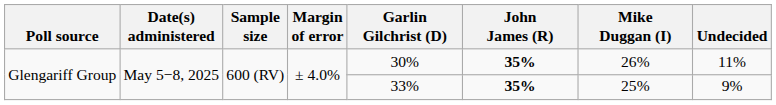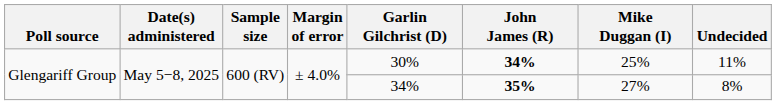 <table class="wikitable" style="font-size:90%;text-align:center;">
 <tr valign=bottom>
 <th>Poll source</th>
 <th>Date(s)<br>administered</th>
 <th>Sample<br>size</th>
 <th>Margin<br>of error</th>
 <th style="width:100px;">Garlin<br>Gilchrist (D)</th>
 <th style="width:100px;">John<br>James (R)</th>
 <th style="width:100px;">Mike<br>Duggan (I)</th>
 <th>Undecided</th>
 </tr>
 <tr>
 <td style="text-align:left;" rowspan="2">Glengariff Group</td>
 <td rowspan="2">May 5−8, 2025</td>
 <td rowspan="2">600 (RV)</td>
 <td rowspan="2">± 4.0%</td>
 <td>30%</td>
-<td><strong>35%</strong></td>
-<td>26%</td>
+<td><strong>34%</strong></td>
+<td>25%</td>
 <td>11%</td>
 </tr>
 <tr>
-<td>33%</td>
+<td>34%</td>
 <td><strong>35%</strong></td>
-<td>25%</td>
-<td>9%</td>
+<td>27%</td>
+<td>8%</td>
 </tr>
 </table>
